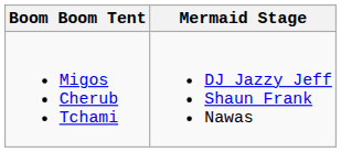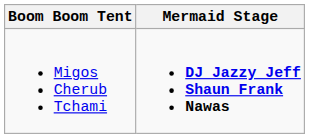 <table class="wikitable">
 <tr>
 <th>Boom Boom Tent</th>
 <th>Mermaid Stage</th>
 </tr>
 <tr valign="top">
 <td><br><ul><li><a href='#'>Migos</a></li><li><a href='#'>Cherub</a></li><li><a href='#'>Tchami</a></li></ul></td>
-<td><br><ul><li><a href='#'>DJ Jazzy Jeff</a></li><li><a href='#'>Shaun Frank</a></li><li>Nawas</li></ul></td>
+<td><strong><br><ul><li><a href='#'>DJ Jazzy Jeff</a></li><li><a href='#'>Shaun Frank</a></li><li>Nawas</li></ul></strong></td>
 </tr>
 </table>
